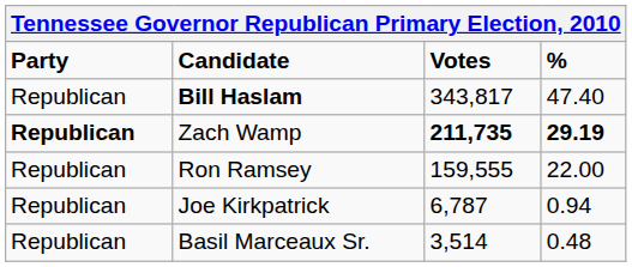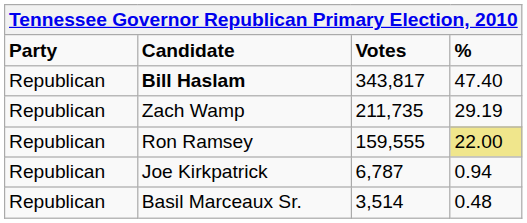 <table class="wikitable">
 <tr>
 <th colspan="4"><a href='#'>Tennessee Governor Republican Primary Election, 2010</a></th>
 </tr>
 <tr>
 <td><strong>Party</strong></td>
 <td><strong>Candidate</strong></td>
 <td><strong>Votes</strong></td>
 <td><strong>%</strong></td>
 </tr>
 <tr>
 <td>Republican</td>
 <td><strong>Bill Haslam</strong></td>
 <td>343,817</td>
 <td>47.40</td>
 </tr>
 <tr>
-<td><strong>Republican</strong></td>
+<td>Republican</td>
 <td>Zach Wamp</td>
-<td><strong>211,735</strong></td>
-<td><strong>29.19</strong></td>
+<td>211,735</td>
+<td>29.19</td>
 </tr>
 <tr>
 <td>Republican</td>
 <td>Ron Ramsey</td>
 <td>159,555</td>
-<td>22.00</td>
+<td style="background: khaki;">22.00</td>
 </tr>
 <tr>
 <td>Republican</td>
 <td>Joe Kirkpatrick</td>
 <td>6,787</td>
 <td>0.94</td>
 </tr>
 <tr>
 <td>Republican</td>
 <td>Basil Marceaux Sr.</td>
 <td>3,514</td>
 <td>0.48</td>
 </tr>
 </table>
